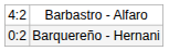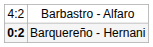 <table class="wikitable">
 <tr align=center bgcolor=white>
 <td>4:2</td>
 <td>Barbastro - Alfaro</td>
 </tr>
 <tr align=center bgcolor=#F5F5F5>
-<td>0:2</td>
+<td><strong>0:2</strong></td>
 <td>Barquereño - Hernani</td>
 </tr>
 </table>
